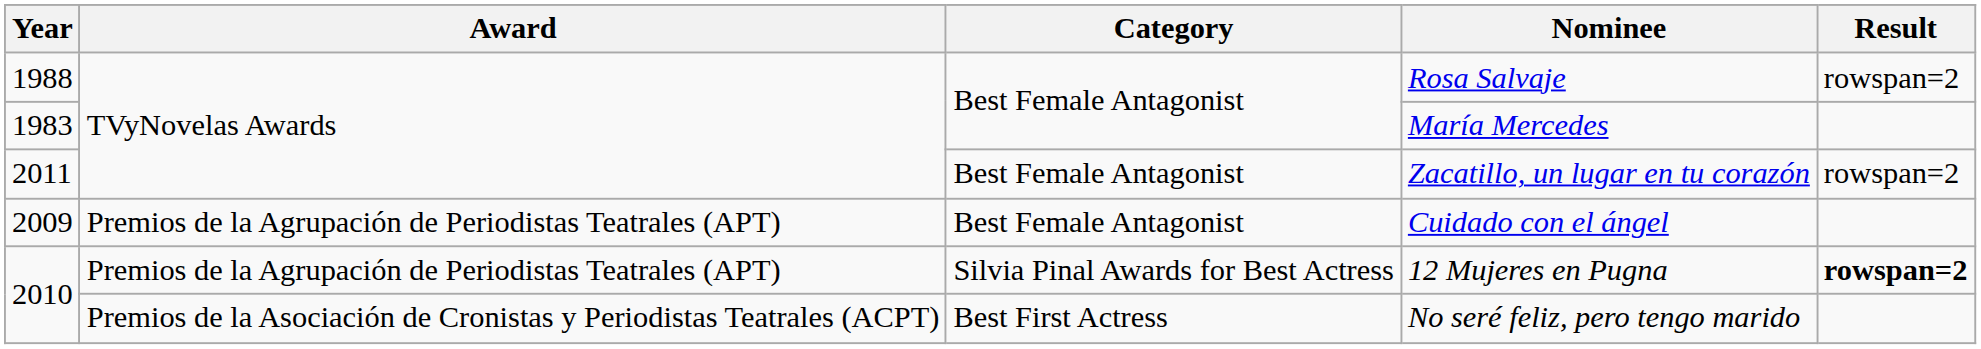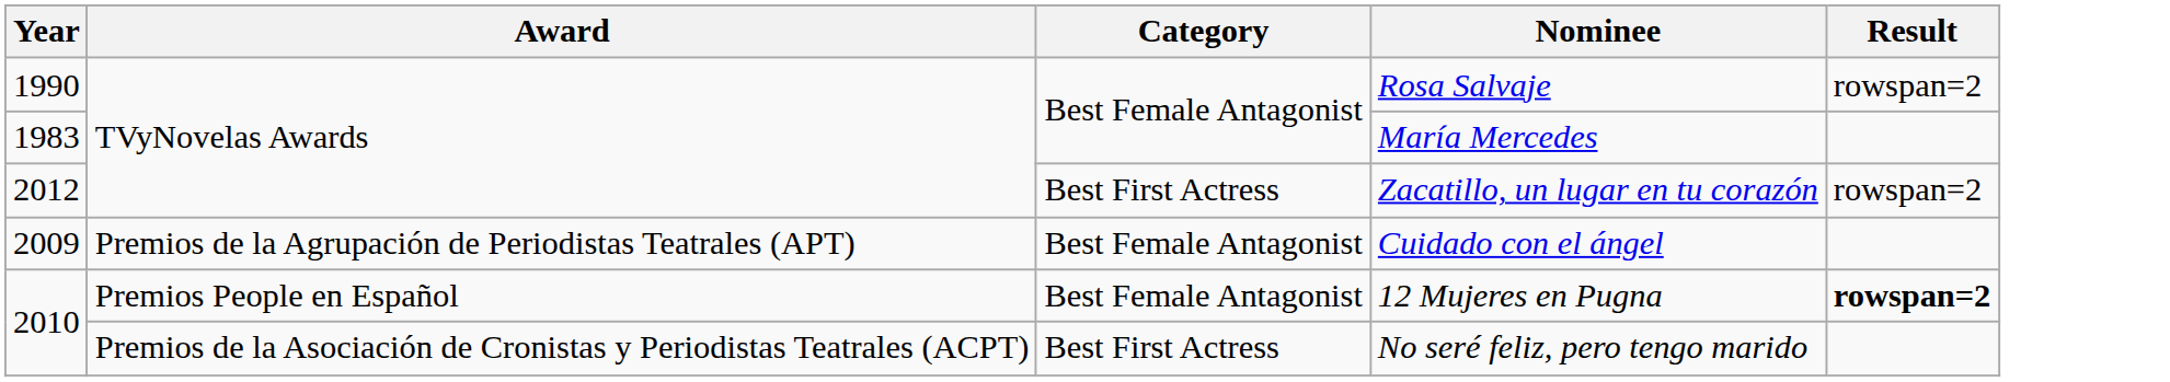 <table class="wikitable">
 <tr>
 <th>Year</th>
 <th>Award</th>
 <th>Category</th>
 <th>Nominee</th>
 <th>Result</th>
 </tr>
 <tr>
-<td>1988</td>
+<td>1990</td>
 <td rowspan=3>TVyNovelas Awards</td>
 <td rowspan=2>Best Female Antagonist</td>
 <td><em><a href='#'>Rosa Salvaje</a></em></td>
 <td>rowspan=2 </td>
 </tr>
 <tr>
 <td>1983</td>
 <td><em><a href='#'>María Mercedes</a></em></td>
 </tr>
 <tr>
-<td>2011</td>
-<td>Best Female Antagonist</td>
+<td>2012</td>
+<td>Best First Actress</td>
 <td><em><a href='#'>Zacatillo, un lugar en tu corazón</a></em></td>
 <td>rowspan=2 </td>
 </tr>
 <tr>
 <td>2009</td>
 <td>Premios de la Agrupación de Periodistas Teatrales (APT)</td>
 <td>Best Female Antagonist</td>
 <td><em><a href='#'>Cuidado con el ángel</a></em></td>
 </tr>
 <tr>
 <td rowspan=2>2010</td>
-<td>Premios de la Agrupación de Periodistas Teatrales (APT)</td>
-<td>Silvia Pinal Awards for Best Actress</td>
+<td>Premios People en Español</td>
+<td>Best Female Antagonist</td>
 <td><em>12 Mujeres en Pugna</em></td>
 <td><strong>rowspan=2 </strong></td>
 </tr>
 <tr>
 <td>Premios de la Asociación de Cronistas y Periodistas Teatrales (ACPT)</td>
 <td>Best First Actress</td>
 <td><em>No seré feliz, pero tengo marido</em></td>
 </tr>
 </table>
